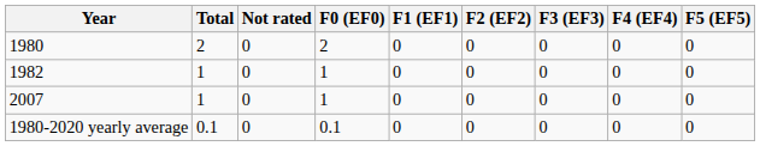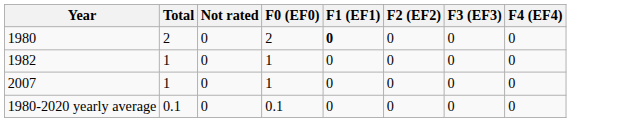 <table class="wikitable mw-collapsible">
 <tr>
 <th>Year</th>
 <th>Total</th>
 <th>Not rated</th>
 <th style="background-color:#">F0 (EF0)</th>
 <th style="background-color:#">F1 (EF1)</th>
 <th style="background-color:#">F2 (EF2)</th>
 <th style="background-color:#">F3 (EF3)</th>
 <th style="background-color:#">F4 (EF4)</th>
-<th style="background-color:#">F5 (EF5)</th>
 </tr>
 <tr>
 <td>1980</td>
 <td>2</td>
 <td>0</td>
 <td>2</td>
-<td>0</td>
-<td>0</td>
+<td><strong>0</strong></td>
 <td>0</td>
 <td>0</td>
 <td>0</td>
 </tr>
 <tr>
 <td>1982</td>
 <td>1</td>
 <td>0</td>
 <td>1</td>
-<td>0</td>
 <td>0</td>
 <td>0</td>
 <td>0</td>
 <td>0</td>
 </tr>
 <tr>
 <td>2007</td>
 <td>1</td>
 <td>0</td>
 <td>1</td>
 <td>0</td>
 <td>0</td>
 <td>0</td>
 <td>0</td>
-<td>0</td>
 </tr>
 <tr>
 <td>1980-2020 yearly average</td>
 <td>0.1</td>
 <td>0</td>
 <td>0.1</td>
 <td>0</td>
 <td>0</td>
 <td>0</td>
 <td>0</td>
-<td>0</td>
 </tr>
 </table>
